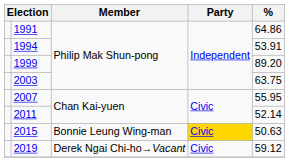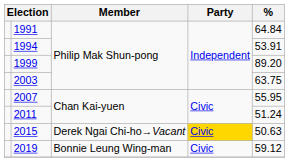 <table class="wikitable">
 <tr>
 <th colspan="2">Election</th>
 <th>Member</th>
 <th>Party</th>
 <th>%</th>
 </tr>
 <tr>
 <td style="background-color: "></td>
 <td><a href='#'>1991</a></td>
 <td rowspan=4>Philip Mak Shun-pong</td>
 <td rowspan=4><a href='#'>Independent</a></td>
-<td>64.86</td>
+<td>64.84</td>
 </tr>
 <tr>
 <td style="background-color: "></td>
 <td><a href='#'>1994</a></td>
 <td>53.91</td>
 </tr>
 <tr>
 <td style="background-color: "></td>
 <td><a href='#'>1999</a></td>
 <td>89.20</td>
 </tr>
 <tr>
 <td style="background-color: "></td>
 <td><a href='#'>2003</a></td>
 <td>63.75</td>
 </tr>
 <tr>
 <td style="background-color: "></td>
 <td><a href='#'>2007</a></td>
 <td rowspan=2>Chan Kai-yuen</td>
 <td rowspan=2><a href='#'>Civic</a></td>
 <td>55.95</td>
 </tr>
 <tr>
 <td style="background-color: "></td>
 <td><a href='#'>2011</a></td>
-<td>52.14</td>
+<td>51.24</td>
 </tr>
 <tr>
 <td style="background-color: "></td>
 <td><a href='#'>2015</a></td>
-<td>Bonnie Leung Wing-man</td>
+<td>Derek Ngai Chi-ho→<em>Vacant</em></td>
 <td style="background: gold;"><a href='#'>Civic</a></td>
 <td>50.63</td>
 </tr>
 <tr>
 <td style="background-color: "></td>
 <td><a href='#'>2019</a></td>
-<td>Derek Ngai Chi-ho→<em>Vacant</em></td>
+<td>Bonnie Leung Wing-man</td>
 <td><a href='#'>Civic</a></td>
 <td>59.12</td>
 </tr>
 <tr>
 </tr>
 </table>
